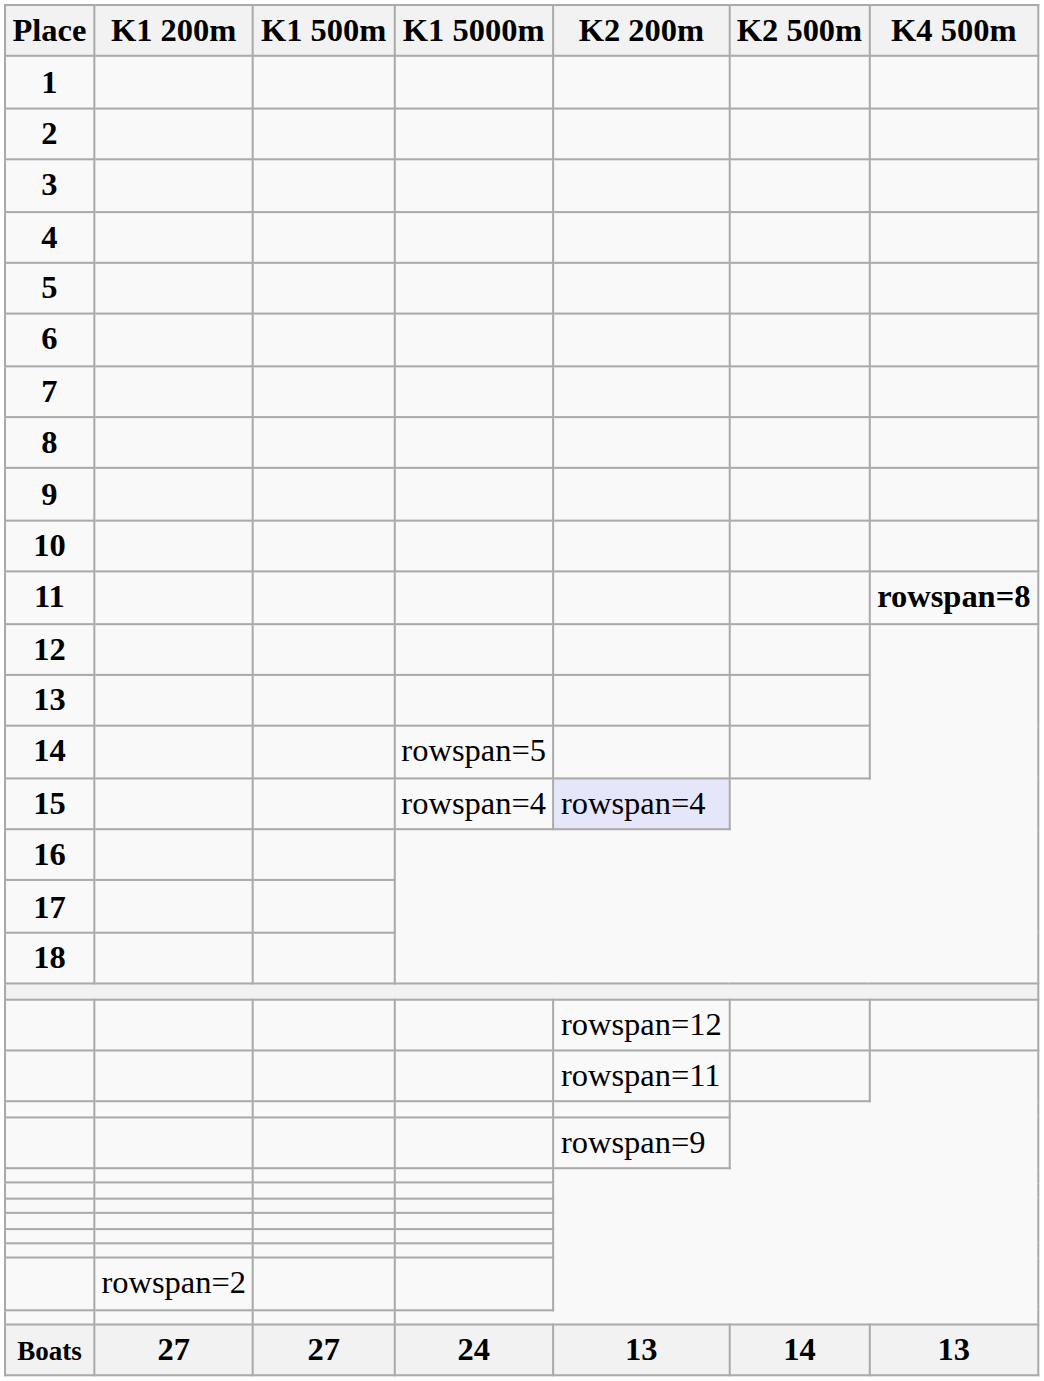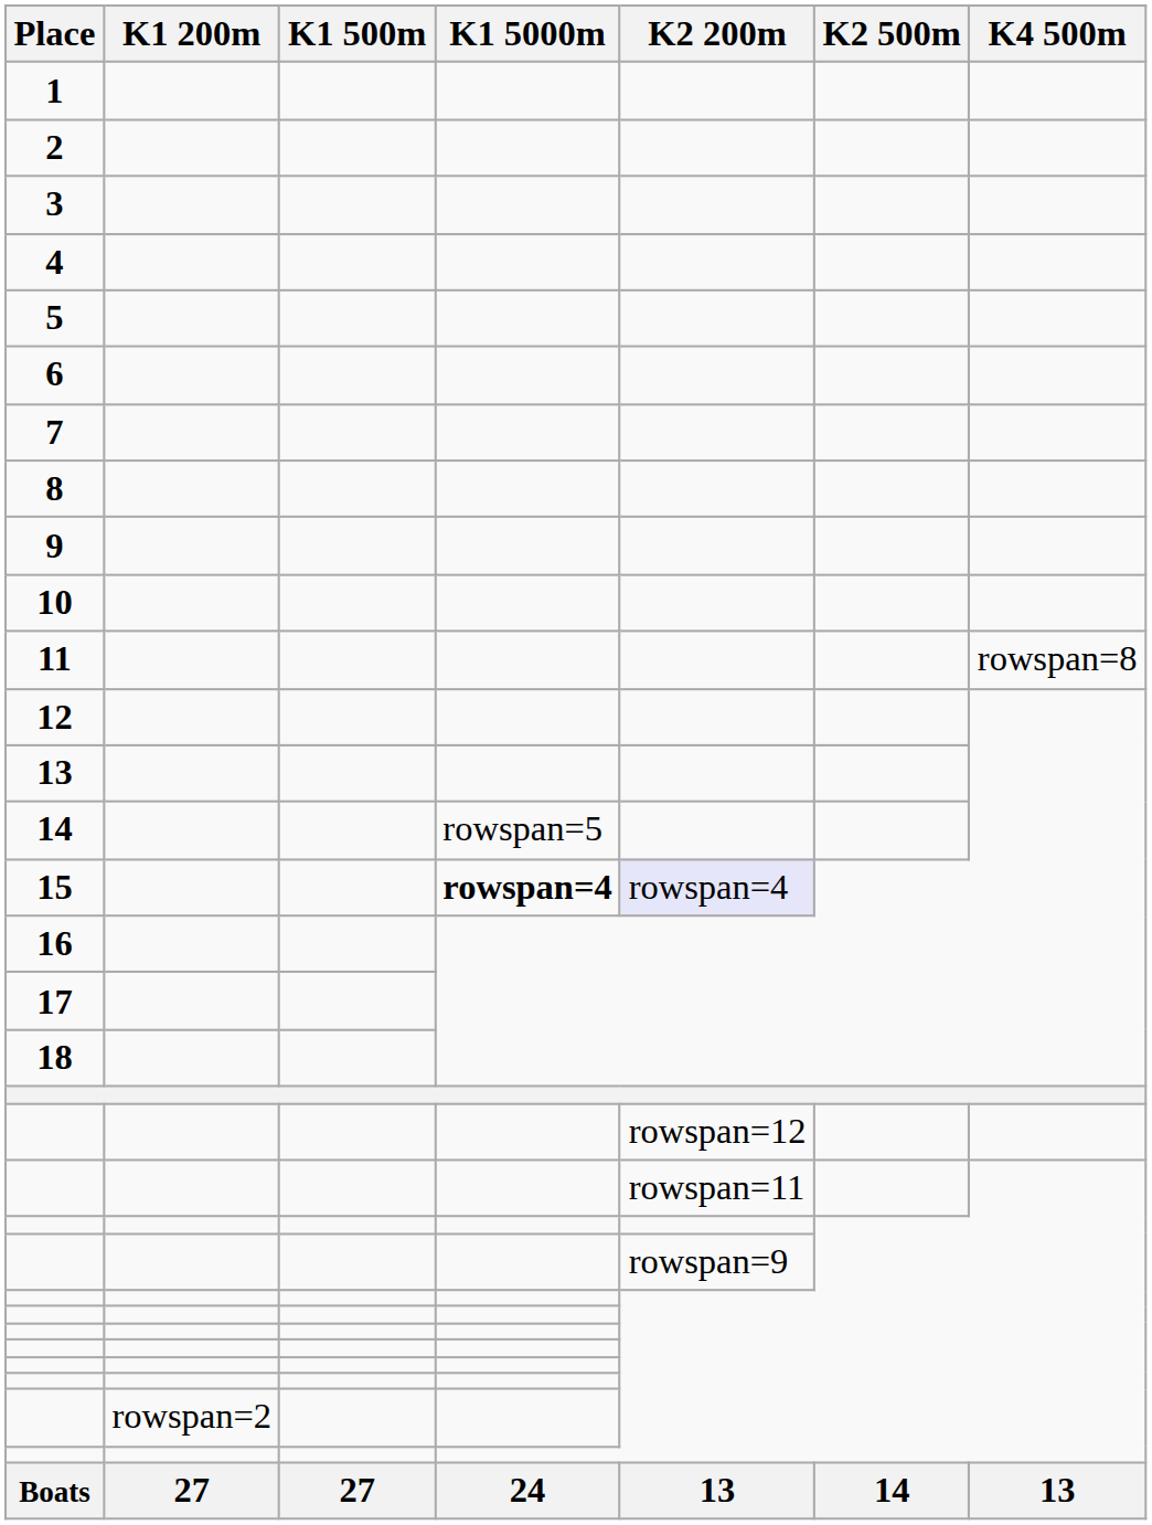 <table class="wikitable">
 <tr>
 <th>Place</th>
 <th>K1 200m</th>
 <th>K1 500m</th>
 <th>K1 5000m</th>
 <th>K2 200m</th>
 <th>K2 500m</th>
 <th>K4 500m</th>
 </tr>
 <tr>
 <td align=center><strong>1</strong></td>
 <td><em></em></td>
 <td><em></em></td>
 <td></td>
 <td></td>
 <td><em></em></td>
 <td></td>
 </tr>
 <tr>
 <td align=center><strong>2</strong></td>
 <td><em></em></td>
 <td><em></em></td>
 <td></td>
 <td></td>
 <td><em></em></td>
 <td></td>
 </tr>
 <tr>
 <td align=center><strong>3</strong></td>
 <td><em></em></td>
 <td></td>
 <td></td>
 <td></td>
 <td></td>
 <td></td>
 </tr>
 <tr>
 <td align=center><strong>4</strong></td>
 <td></td>
 <td></td>
 <td></td>
 <td></td>
 <td><em></em></td>
 <td></td>
 </tr>
 <tr>
 <td align=center><strong>5</strong></td>
 <td></td>
 <td><em></em></td>
 <td></td>
 <td></td>
 <td><em></em></td>
 <td></td>
 </tr>
 <tr>
 <td align=center><strong>6</strong></td>
 <td></td>
 <td><s></s></td>
 <td></td>
 <td></td>
 <td><em></em></td>
 <td></td>
 </tr>
 <tr>
 <td align=center><strong>7</strong></td>
 <td></td>
 <td></td>
 <td></td>
 <td></td>
 <td></td>
 <td></td>
 </tr>
 <tr>
 <td align=center><strong>8</strong></td>
 <td></td>
 <td></td>
 <td></td>
 <td></td>
 <td></td>
 <td></td>
 </tr>
 <tr>
 <td align=center><strong>9</strong></td>
 <td></td>
 <td><em></em></td>
 <td></td>
 <td></td>
 <td></td>
 <td></td>
 </tr>
 <tr>
 <td align=center><strong>10</strong></td>
 <td></td>
 <td><s></s></td>
 <td></td>
 <td><s></s></td>
 <td></td>
 <td></td>
 </tr>
 <tr>
 <td align=center><strong>11</strong></td>
 <td><s></s></td>
 <td></td>
 <td><s></s></td>
 <td></td>
 <td><em></em></td>
-<td><strong>rowspan=8 </strong></td>
+<td>rowspan=8 </td>
 </tr>
 <tr>
 <td align=center><strong>12</strong></td>
 <td></td>
 <td></td>
 <td></td>
 <td></td>
 <td><s></s></td>
 </tr>
 <tr>
 <td align=center><strong>13</strong></td>
 <td></td>
 <td><s></s></td>
 <td></td>
 <td></td>
 <td></td>
 </tr>
 <tr>
 <td align=center><strong>14</strong></td>
 <td></td>
 <td></td>
 <td>rowspan=5 </td>
 <td></td>
 <td></td>
 </tr>
 <tr>
 <td align=center><strong>15</strong></td>
 <td></td>
 <td><em></em></td>
-<td>rowspan=4 </td>
+<td><strong>rowspan=4 </strong></td>
 <td style="background: lavender;">rowspan=4 </td>
 </tr>
 <tr>
 <td align=center><strong>16</strong></td>
 <td></td>
 <td><em></em></td>
 </tr>
 <tr>
 <td align=center><strong>17</strong></td>
 <td></td>
 <td></td>
 </tr>
 <tr>
 <td align=center><strong>18</strong></td>
 <td></td>
 <td></td>
 </tr>
 <tr>
 <th colspan=7></th>
 </tr>
 <tr>
 <td align=center><small><strong></strong></small></td>
 <td></td>
 <td></td>
 <td></td>
 <td>rowspan=12 </td>
 <td></td>
 <td></td>
 </tr>
 <tr>
 <td align=center><small><strong></strong></small></td>
 <td></td>
 <td></td>
 <td></td>
 <td>rowspan=11 </td>
 <td></td>
 </tr>
 <tr>
 <td align=center><small><strong></strong></small></td>
 <td></td>
 <td></td>
 <td></td>
 <td></td>
 </tr>
 <tr>
 <td align=center><small><strong></strong></small></td>
 <td></td>
 <td></td>
 <td></td>
 <td>rowspan=9 </td>
 </tr>
 <tr>
 <td align=center><small><strong></strong></small></td>
 <td></td>
 <td></td>
 <td></td>
 </tr>
 <tr>
 <td align=center><small><strong></strong></small></td>
 <td></td>
 <td></td>
 <td></td>
 </tr>
 <tr>
 <td align=center><small><strong></strong></small></td>
 <td></td>
 <td></td>
 <td></td>
 </tr>
 <tr>
 <td align=center><small><strong></strong></small></td>
 <td></td>
 <td></td>
 <td></td>
 </tr>
 <tr>
 <td align=center><small><strong></strong></small></td>
 <td></td>
 <td></td>
 <td></td>
 </tr>
 <tr>
 <td align=center><small><strong></strong></small></td>
 <td></td>
 <td></td>
 <td></td>
 </tr>
 <tr>
 <td align=center><small><strong></strong></small></td>
 <td>rowspan=2 </td>
 <td></td>
 <td></td>
 </tr>
 <tr>
 <td align=center><small><strong></strong></small></td>
 <td></td>
 <td></td>
 </tr>
 <tr>
 <th><small>Boats</small></th>
 <th>27</th>
 <th>27</th>
 <th>24</th>
 <th>13</th>
 <th>14</th>
 <th>13</th>
 </tr>
 </table>
